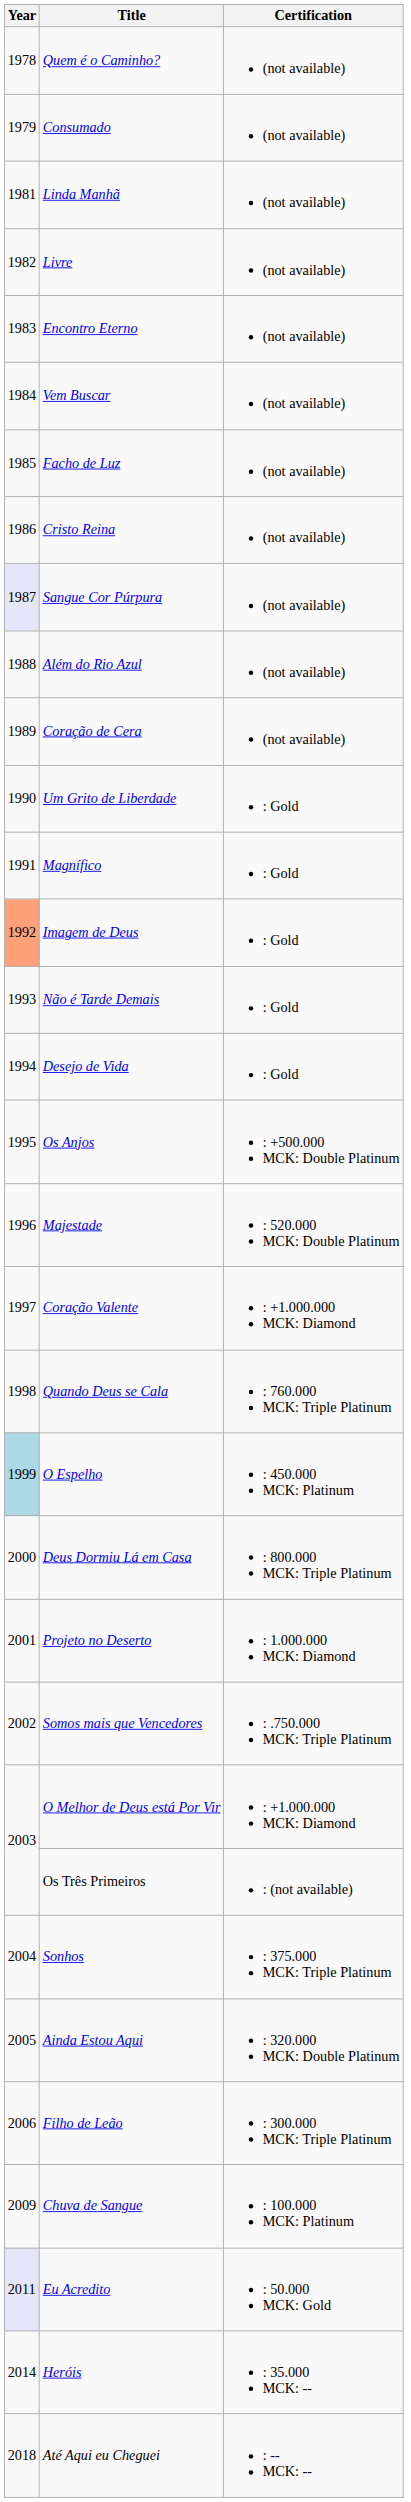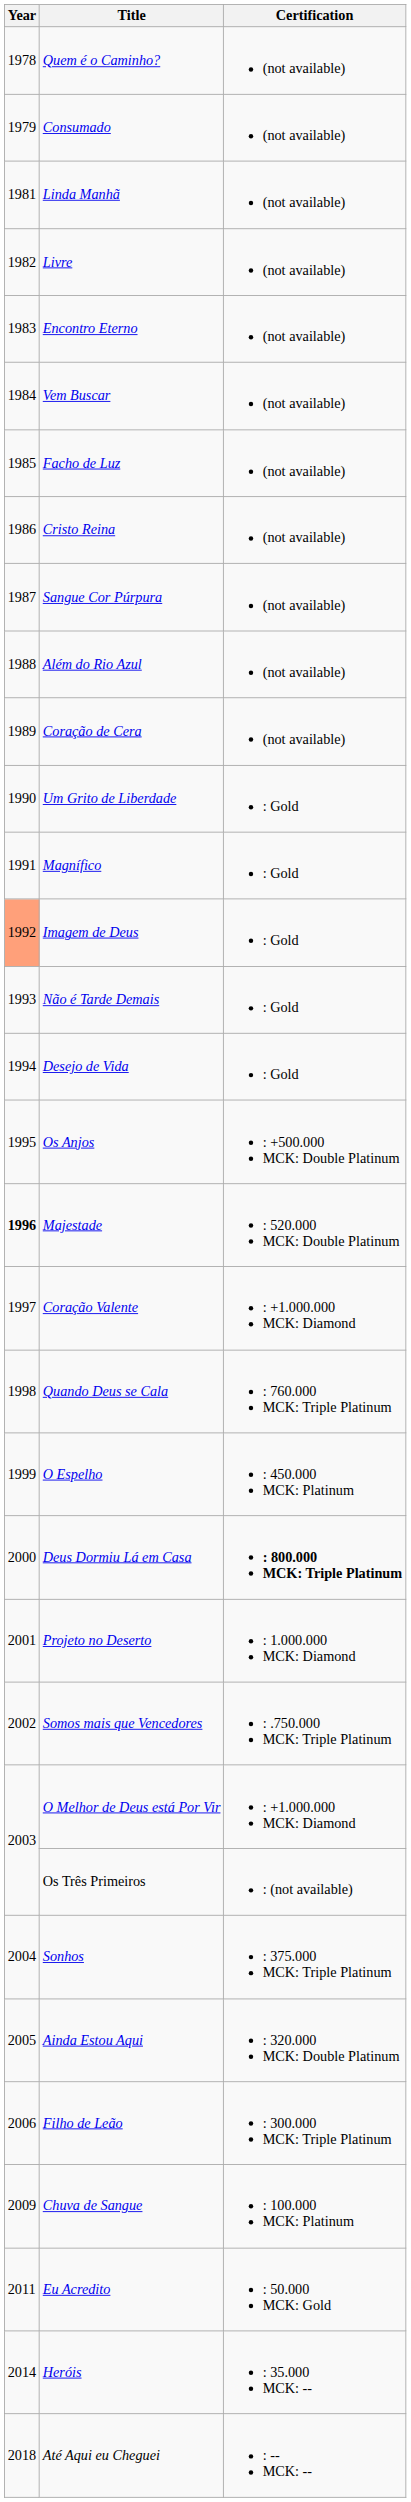 <table class="wikitable">
 <tr>
 <th>Year</th>
 <th>Title</th>
 <th>Certification</th>
 </tr>
 <tr>
 <td>1978</td>
 <td><em><a href='#'>Quem é o Caminho?</a></em></td>
 <td><br><ul><li> (not available)</li></ul></td>
 </tr>
 <tr>
 <td>1979</td>
 <td><em><a href='#'>Consumado</a></em></td>
 <td><br><ul><li> (not available)</li></ul></td>
 </tr>
 <tr>
 <td>1981</td>
 <td><em><a href='#'>Linda Manhã</a></em></td>
 <td><br><ul><li> (not available)</li></ul></td>
 </tr>
 <tr>
 <td>1982</td>
 <td><em><a href='#'>Livre</a></em></td>
 <td><br><ul><li> (not available)</li></ul></td>
 </tr>
 <tr>
 <td>1983</td>
 <td><em><a href='#'>Encontro Eterno</a></em></td>
 <td><br><ul><li> (not available)</li></ul></td>
 </tr>
 <tr>
 <td>1984</td>
 <td><em><a href='#'>Vem Buscar</a></em></td>
 <td><br><ul><li> (not available)</li></ul></td>
 </tr>
 <tr>
 <td>1985</td>
 <td><em><a href='#'>Facho de Luz</a></em></td>
 <td><br><ul><li> (not available)</li></ul></td>
 </tr>
 <tr>
 <td>1986</td>
 <td><em><a href='#'>Cristo Reina</a></em></td>
 <td><br><ul><li> (not available)</li></ul></td>
 </tr>
 <tr>
-<td style="background: lavender;">1987</td>
+<td>1987</td>
 <td><em><a href='#'>Sangue Cor Púrpura</a></em></td>
 <td><br><ul><li> (not available)</li></ul></td>
 </tr>
 <tr>
 <td>1988</td>
 <td><em><a href='#'>Além do Rio Azul</a></em></td>
 <td><br><ul><li> (not available)</li></ul></td>
 </tr>
 <tr>
 <td>1989</td>
 <td><em><a href='#'>Coração de Cera</a></em></td>
 <td><br><ul><li> (not available)</li></ul></td>
 </tr>
 <tr>
 <td>1990</td>
 <td><em><a href='#'>Um Grito de Liberdade</a></em></td>
 <td><br><ul><li>: Gold</li></ul></td>
 </tr>
 <tr>
 <td>1991</td>
 <td><em><a href='#'>Magnífico</a></em></td>
 <td><br><ul><li>: Gold</li></ul></td>
 </tr>
 <tr>
 <td style="background: lightsalmon;">1992</td>
 <td><em><a href='#'>Imagem de Deus</a></em></td>
 <td><br><ul><li>: Gold</li></ul></td>
 </tr>
 <tr>
 <td>1993</td>
 <td><em><a href='#'>Não é Tarde Demais</a></em></td>
 <td><br><ul><li>: Gold</li></ul></td>
 </tr>
 <tr>
 <td>1994</td>
 <td><em><a href='#'>Desejo de Vida</a></em></td>
 <td><br><ul><li>: Gold</li></ul></td>
 </tr>
 <tr>
 <td>1995</td>
 <td><em><a href='#'>Os Anjos</a></em></td>
 <td><br><ul><li>: +500.000</li><li>MCK: Double Platinum</li></ul></td>
 </tr>
 <tr>
-<td>1996</td>
+<td><strong>1996</strong></td>
 <td><em><a href='#'>Majestade</a></em></td>
 <td><br><ul><li>: 520.000</li><li>MCK: Double Platinum</li></ul></td>
 </tr>
 <tr>
 <td>1997</td>
 <td><em><a href='#'>Coração Valente</a></em></td>
 <td><br><ul><li>: +1.000.000</li><li>MCK: Diamond</li></ul></td>
 </tr>
 <tr>
 <td>1998</td>
 <td><em><a href='#'>Quando Deus se Cala</a></em></td>
 <td><br><ul><li>: 760.000</li><li>MCK: Triple Platinum</li></ul></td>
 </tr>
 <tr>
-<td style="background: lightblue;">1999</td>
+<td>1999</td>
 <td><em><a href='#'>O Espelho</a></em></td>
 <td><br><ul><li>: 450.000</li><li>MCK: Platinum</li></ul></td>
 </tr>
 <tr>
 <td>2000</td>
 <td><em><a href='#'>Deus Dormiu Lá em Casa</a></em></td>
-<td><br><ul><li>: 800.000</li><li>MCK: Triple Platinum</li></ul></td>
+<td><strong><br><ul><li>: 800.000</li><li>MCK: Triple Platinum</li></ul></strong></td>
 </tr>
 <tr>
 <td>2001</td>
 <td><em><a href='#'>Projeto no Deserto</a></em></td>
 <td><br><ul><li>: 1.000.000</li><li>MCK: Diamond</li></ul></td>
 </tr>
 <tr>
 <td>2002</td>
 <td><em><a href='#'>Somos mais que Vencedores</a></em></td>
 <td><br><ul><li>: .750.000</li><li>MCK: Triple Platinum</li></ul></td>
 </tr>
 <tr>
 <td rowspan="2">2003</td>
 <td><em><a href='#'>O Melhor de Deus está Por Vir</a></em></td>
 <td><br><ul><li>: +1.000.000</li><li>MCK: Diamond</li></ul></td>
 </tr>
 <tr>
 <td>Os Três Primeiros</td>
 <td><br><ul><li>: (not available)</li></ul></td>
 </tr>
 <tr>
 <td>2004</td>
 <td><em><a href='#'>Sonhos</a></em></td>
 <td><br><ul><li>: 375.000</li><li>MCK: Triple Platinum</li></ul></td>
 </tr>
 <tr>
 <td>2005</td>
 <td><em><a href='#'>Ainda Estou Aqui</a></em></td>
 <td><br><ul><li>: 320.000</li><li>MCK: Double Platinum</li></ul></td>
 </tr>
 <tr>
 <td>2006</td>
 <td><em><a href='#'>Filho de Leão</a></em></td>
 <td><br><ul><li>: 300.000</li><li>MCK: Triple Platinum</li></ul></td>
 </tr>
 <tr>
 <td>2009</td>
 <td><em><a href='#'>Chuva de Sangue</a></em></td>
 <td><br><ul><li>: 100.000</li><li>MCK: Platinum</li></ul></td>
 </tr>
 <tr>
-<td style="background: lavender;">2011</td>
+<td>2011</td>
 <td><em><a href='#'>Eu Acredito</a></em></td>
 <td><br><ul><li>: 50.000</li><li>MCK: Gold</li></ul></td>
 </tr>
 <tr>
 <td>2014</td>
 <td><em><a href='#'>Heróis</a></em></td>
 <td><br><ul><li>: 35.000</li><li>MCK: --</li></ul></td>
 </tr>
 <tr>
 <td>2018</td>
 <td><em>Até Aqui eu Cheguei</em></td>
 <td><br><ul><li>: --</li><li>MCK: --</li></ul></td>
 </tr>
 </table>
